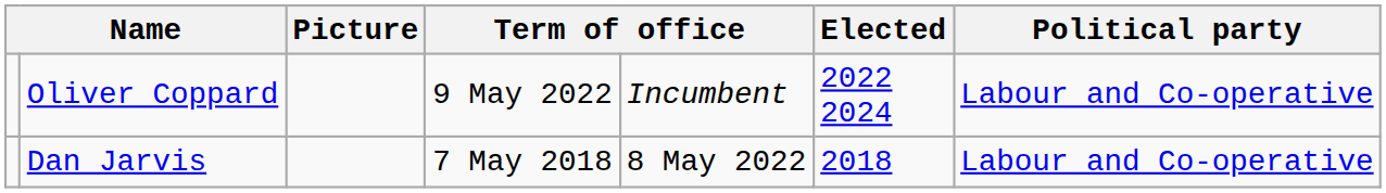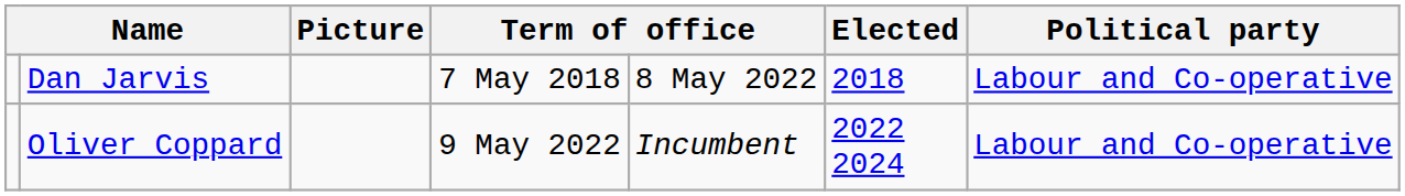 <table class="wikitable">
 <tr>
 <th colspan="2">Name</th>
 <th>Picture</th>
 <th colspan="2">Term of office</th>
 <th>Elected</th>
 <th>Political party</th>
 </tr>
 <tr>
 <td style="background-color: "></td>
+<td><a href='#'>Dan Jarvis</a></td>
+<td></td>
+<td>7 May 2018</td>
+<td>8 May 2022</td>
+<td><a href='#'>2018</a></td>
+<td><a href='#'>Labour and Co-operative</a></td>
+</tr>
+<tr>
+<td style="background-color: "></td>
 <td><a href='#'>Oliver Coppard</a></td>
 <td></td>
 <td>9 May 2022</td>
 <td><em>Incumbent</em></td>
 <td><a href='#'>2022</a> <br><a href='#'>2024</a></td>
 <td><a href='#'>Labour and Co-operative</a></td>
 </tr>
-<tr>
-<td style="background-color: "></td>
-<td><a href='#'>Dan Jarvis</a></td>
-<td></td>
-<td>7 May 2018</td>
-<td>8 May 2022</td>
-<td><a href='#'>2018</a></td>
-<td><a href='#'>Labour and Co-operative</a></td>
-</tr>
 </table>
